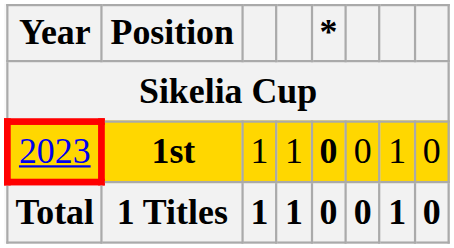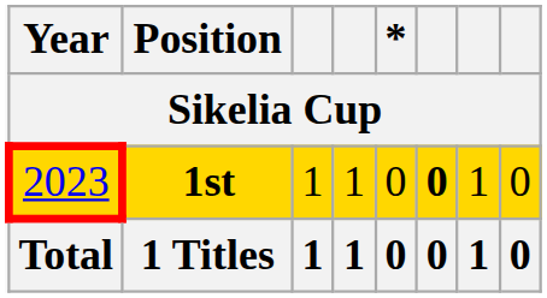 <table class="wikitable" style="text-align: center;">
 <tr>
 <th>Year</th>
 <th>Position</th>
 <th></th>
 <th></th>
 <th>*</th>
 <th></th>
 <th></th>
 <th></th>
 </tr>
 <tr>
 <th colspan=8>Sikelia Cup</th>
 </tr>
 <tr style="background:gold">
 <td style="border:3px solid red"> <a href='#'>2023</a></td>
 <td><strong>1st</strong></td>
 <td>1</td>
 <td>1</td>
+<td>0</td>
 <td><strong>0</strong></td>
-<td>0</td>
 <td>1</td>
 <td>0</td>
 </tr>
 <tr>
 <th>Total</th>
 <th>1 Titles</th>
 <th>1</th>
 <th>1</th>
 <th>0</th>
 <th>0</th>
 <th>1</th>
 <th>0</th>
 </tr>
 </table>
